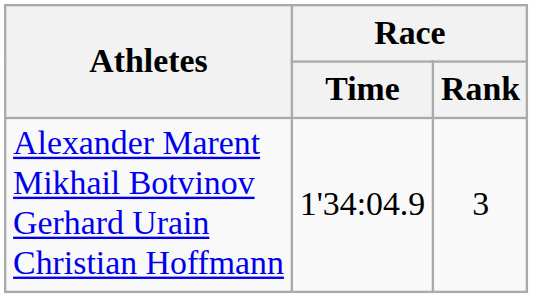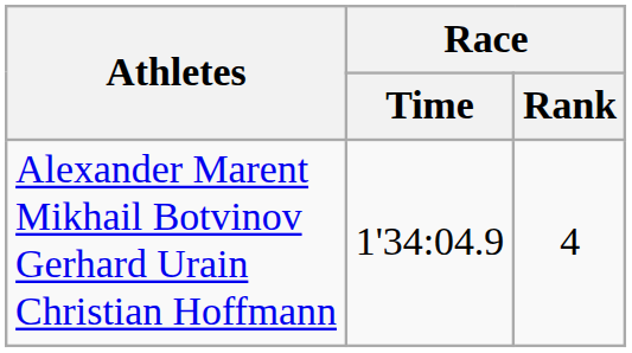 <table class="wikitable" border="1" style="font-size:90%">
 <tr>
 <th rowspan=2>Athletes</th>
 <th colspan=2>Race</th>
 </tr>
 <tr>
 <th>Time</th>
 <th>Rank</th>
 </tr>
 <tr>
 <td><a href='#'>Alexander Marent</a><br><a href='#'>Mikhail Botvinov</a><br><a href='#'>Gerhard Urain</a><br><a href='#'>Christian Hoffmann</a></td>
 <td align=center>1'34:04.9</td>
-<td align=center>3</td>
+<td align=center>4</td>
 </tr>
 </table>
